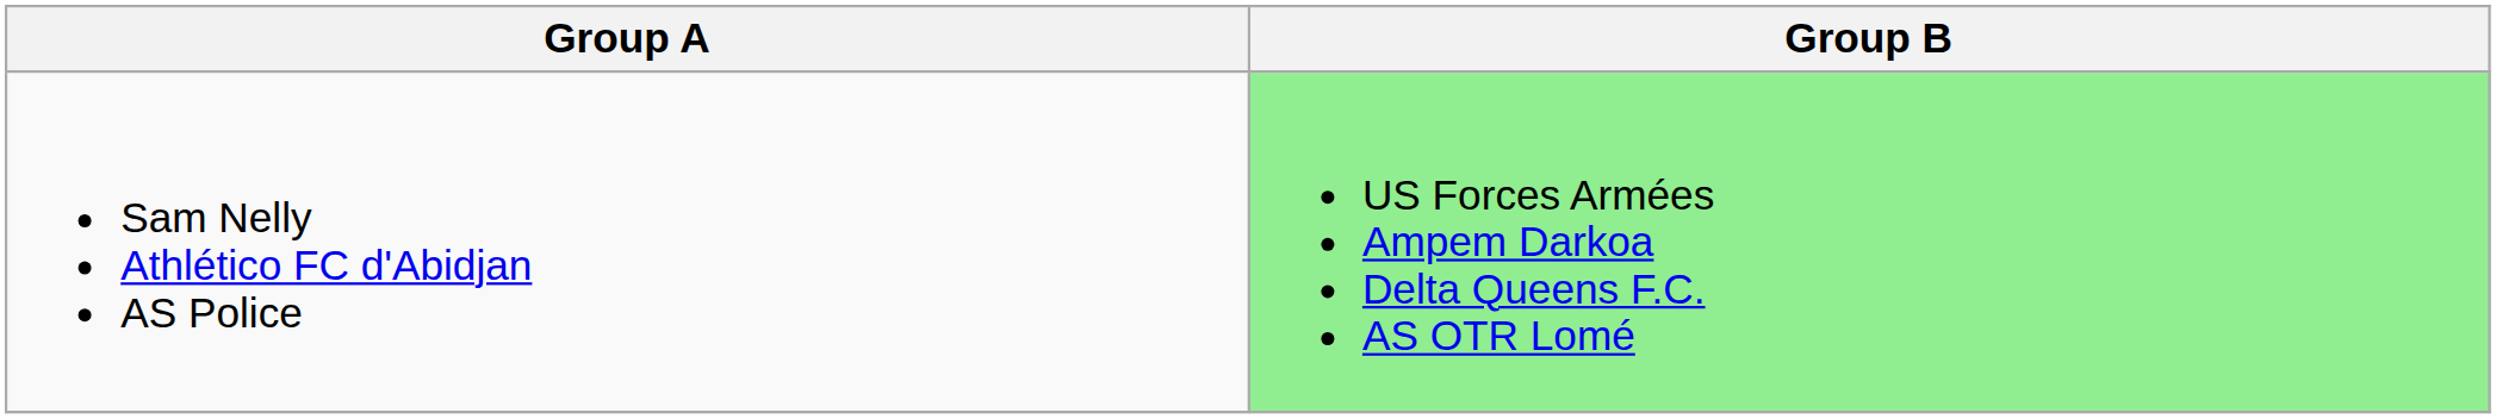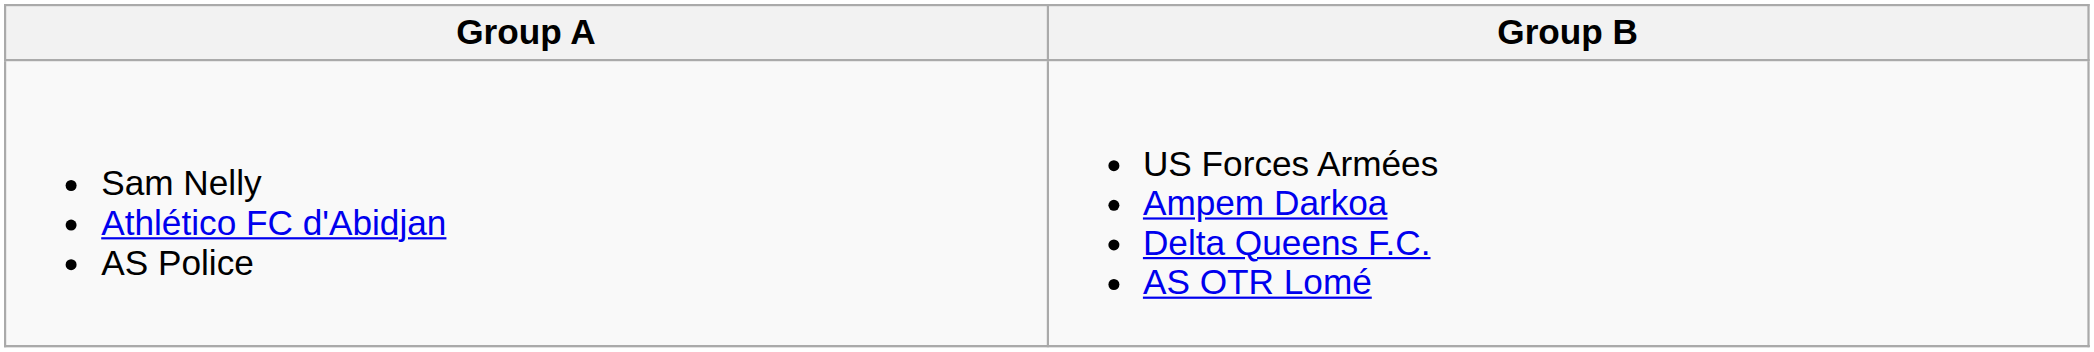 <table class="wikitable" style="width:75%;">
 <tr>
 <th width=25%>Group A</th>
 <th width=25%>Group B</th>
 </tr>
 <tr>
 <td><br><ul><li> Sam Nelly</li><li> <a href='#'>Athlético FC d'Abidjan</a></li><li> AS Police</li></ul></td>
-<td style="background: lightgreen;"><br><ul><li> US Forces Armées</li><li> <a href='#'>Ampem Darkoa</a></li><li> <a href='#'>Delta Queens F.C.</a></li><li> <a href='#'>AS OTR Lomé</a></li></ul></td>
+<td><br><ul><li> US Forces Armées</li><li> <a href='#'>Ampem Darkoa</a></li><li> <a href='#'>Delta Queens F.C.</a></li><li> <a href='#'>AS OTR Lomé</a></li></ul></td>
 </tr>
 <tr>
 </tr>
 </table>
